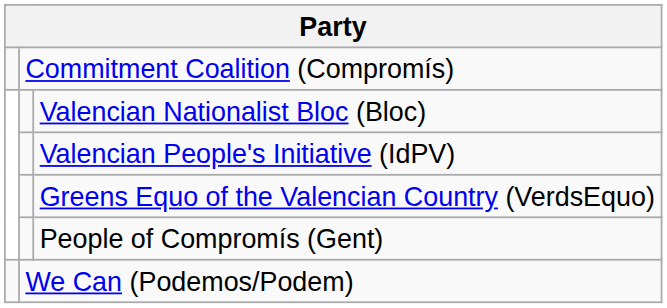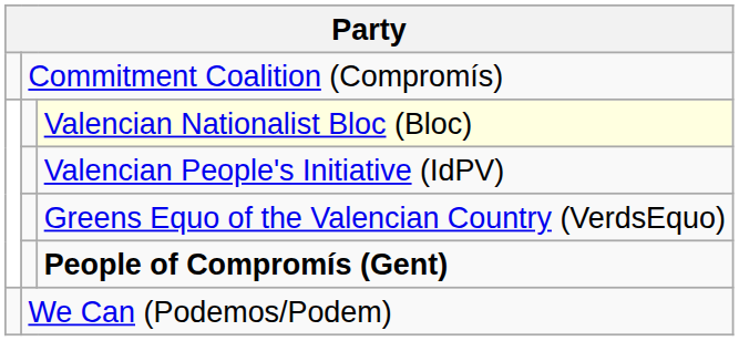 <table class="wikitable" style="text-align:left; font-size:95%;">
 <tr>
 <th colspan="3">Party</th>
 </tr>
 <tr>
 <td width="1"></td>
 <td colspan="2"><a href='#'>Commitment Coalition</a> (Compromís)</td>
 </tr>
 <tr>
 <td rowspan="4" bgcolor="white"></td>
 <td width="1"></td>
-<td><a href='#'>Valencian Nationalist Bloc</a> (Bloc)</td>
+<td style="background: lightyellow;"><a href='#'>Valencian Nationalist Bloc</a> (Bloc)</td>
 </tr>
 <tr>
 <td></td>
 <td><a href='#'>Valencian People's Initiative</a> (IdPV)</td>
 </tr>
 <tr>
 <td></td>
 <td><a href='#'>Greens Equo of the Valencian Country</a> (VerdsEquo)</td>
 </tr>
 <tr>
 <td></td>
-<td>People of Compromís (Gent)</td>
+<td><strong>People of Compromís (Gent)</strong></td>
 </tr>
 <tr>
 <td></td>
 <td colspan="2"><a href='#'>We Can</a> (Podemos/Podem)</td>
 </tr>
 </table>
